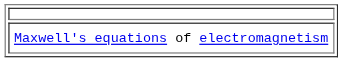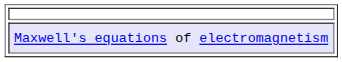 <table border="1" align="right" cellpadding="4">
 <tr>
 <td></td>
 </tr>
 <tr>
-<td><small><a href='#'>Maxwell's equations</a> of <a href='#'>electromagnetism</a></small></td>
+<td style="background: lavender;"><small><a href='#'>Maxwell's equations</a> of <a href='#'>electromagnetism</a></small></td>
 </tr>
 </table>
